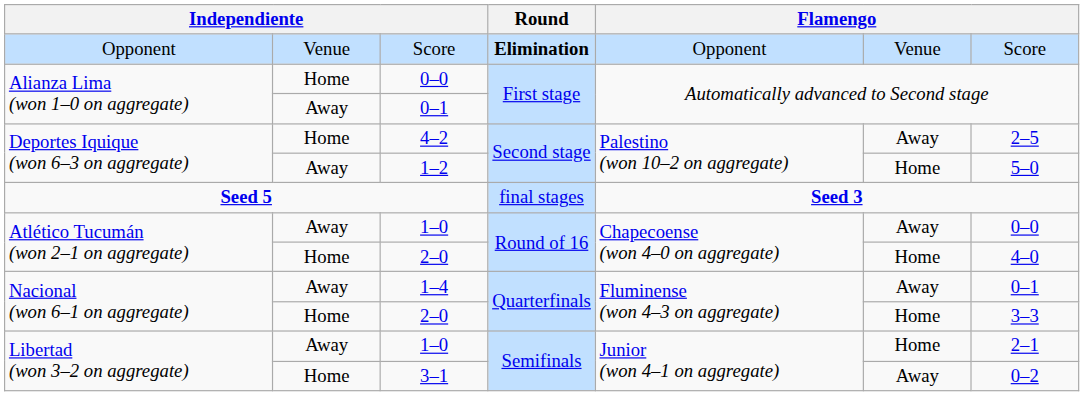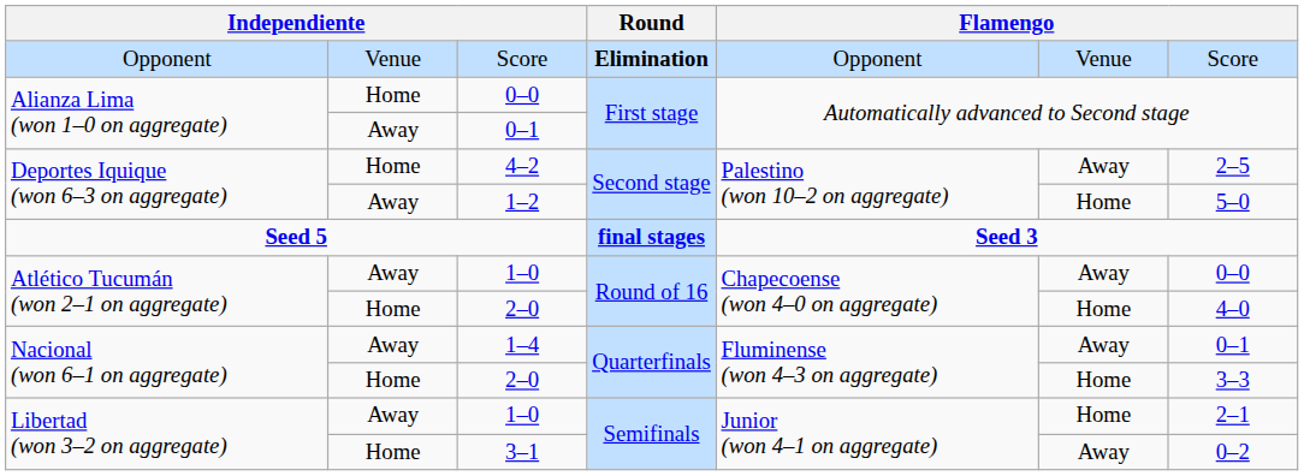 <table class="wikitable" style="text-align: center;">
 <tr>
 <th colspan=3> <a href='#'>Independiente</a></th>
 <th>Round</th>
 <th colspan=3> <a href='#'>Flamengo</a></th>
 </tr>
 <tr bgcolor=#c1e0ff>
 <td width=25%>Opponent</td>
 <td width=10%>Venue</td>
 <td width=10%>Score</td>
 <td width=10%><strong>Elimination</strong></td>
 <td width=25%>Opponent</td>
 <td width=10%>Venue</td>
 <td width=10%>Score</td>
 </tr>
 <tr>
 <td rowspan=2 align=left> <a href='#'>Alianza Lima</a><br><em>(won 1–0 on aggregate)</em></td>
 <td>Home</td>
 <td><a href='#'>0–0</a></td>
 <td rowspan=2 bgcolor=#c1e0ff><a href='#'>First stage</a></td>
 <td rowspan=2 colspan=3><em>Automatically advanced to Second stage</em></td>
 </tr>
 <tr>
 <td>Away</td>
 <td><a href='#'>0–1</a></td>
 </tr>
 <tr>
 <td rowspan=2 align=left> <a href='#'>Deportes Iquique</a><br><em>(won 6–3 on aggregate)</em></td>
 <td>Home</td>
 <td><a href='#'>4–2</a></td>
 <td rowspan=2 bgcolor=#c1e0ff><a href='#'>Second stage</a></td>
 <td rowspan=2 align=left> <a href='#'>Palestino</a><br><em>(won 10–2 on aggregate)</em></td>
 <td>Away</td>
 <td><a href='#'>2–5</a></td>
 </tr>
 <tr>
 <td>Away</td>
 <td><a href='#'>1–2</a></td>
 <td>Home</td>
 <td><a href='#'>5–0</a></td>
 </tr>
 <tr>
 <td colspan=3><strong><a href='#'>Seed 5</a></strong></td>
-<td bgcolor=#c1e0ff><a href='#'>final stages</a></td>
+<td bgcolor=#c1e0ff><strong><a href='#'>final stages</a></strong></td>
 <td colspan=3><strong><a href='#'>Seed 3</a></strong></td>
 </tr>
 <tr>
 <td rowspan=2 align=left> <a href='#'>Atlético Tucumán</a><br><em>(won 2–1 on aggregate)</em></td>
 <td>Away</td>
 <td><a href='#'>1–0</a></td>
 <td rowspan=2 bgcolor=#c1e0ff><a href='#'>Round of 16</a></td>
 <td rowspan=2 align=left> <a href='#'>Chapecoense</a><br><em>(won 4–0 on aggregate)</em></td>
 <td>Away</td>
 <td><a href='#'>0–0</a></td>
 </tr>
 <tr>
 <td>Home</td>
 <td><a href='#'>2–0</a></td>
 <td>Home</td>
 <td><a href='#'>4–0</a></td>
 </tr>
 <tr>
 <td rowspan=2 align=left> <a href='#'>Nacional</a><br><em>(won 6–1 on aggregate)</em></td>
 <td>Away</td>
 <td><a href='#'>1–4</a></td>
 <td rowspan=2 bgcolor=#c1e0ff><a href='#'>Quarterfinals</a></td>
 <td rowspan=2 align=left> <a href='#'>Fluminense</a><br><em>(won 4–3 on aggregate)</em></td>
 <td>Away</td>
 <td><a href='#'>0–1</a></td>
 </tr>
 <tr>
 <td>Home</td>
 <td><a href='#'>2–0</a></td>
 <td>Home</td>
 <td><a href='#'>3–3</a></td>
 </tr>
 <tr>
 <td rowspan=2 align=left> <a href='#'>Libertad</a><br><em>(won 3–2 on aggregate)</em></td>
 <td>Away</td>
 <td><a href='#'>1–0</a></td>
 <td rowspan=2 bgcolor=#c1e0ff><a href='#'>Semifinals</a></td>
 <td rowspan=2 align=left> <a href='#'>Junior</a><br><em>(won 4–1 on aggregate)</em></td>
 <td>Home</td>
 <td><a href='#'>2–1</a></td>
 </tr>
 <tr>
 <td>Home</td>
 <td><a href='#'>3–1</a></td>
 <td>Away</td>
 <td><a href='#'>0–2</a></td>
 </tr>
 </table>
